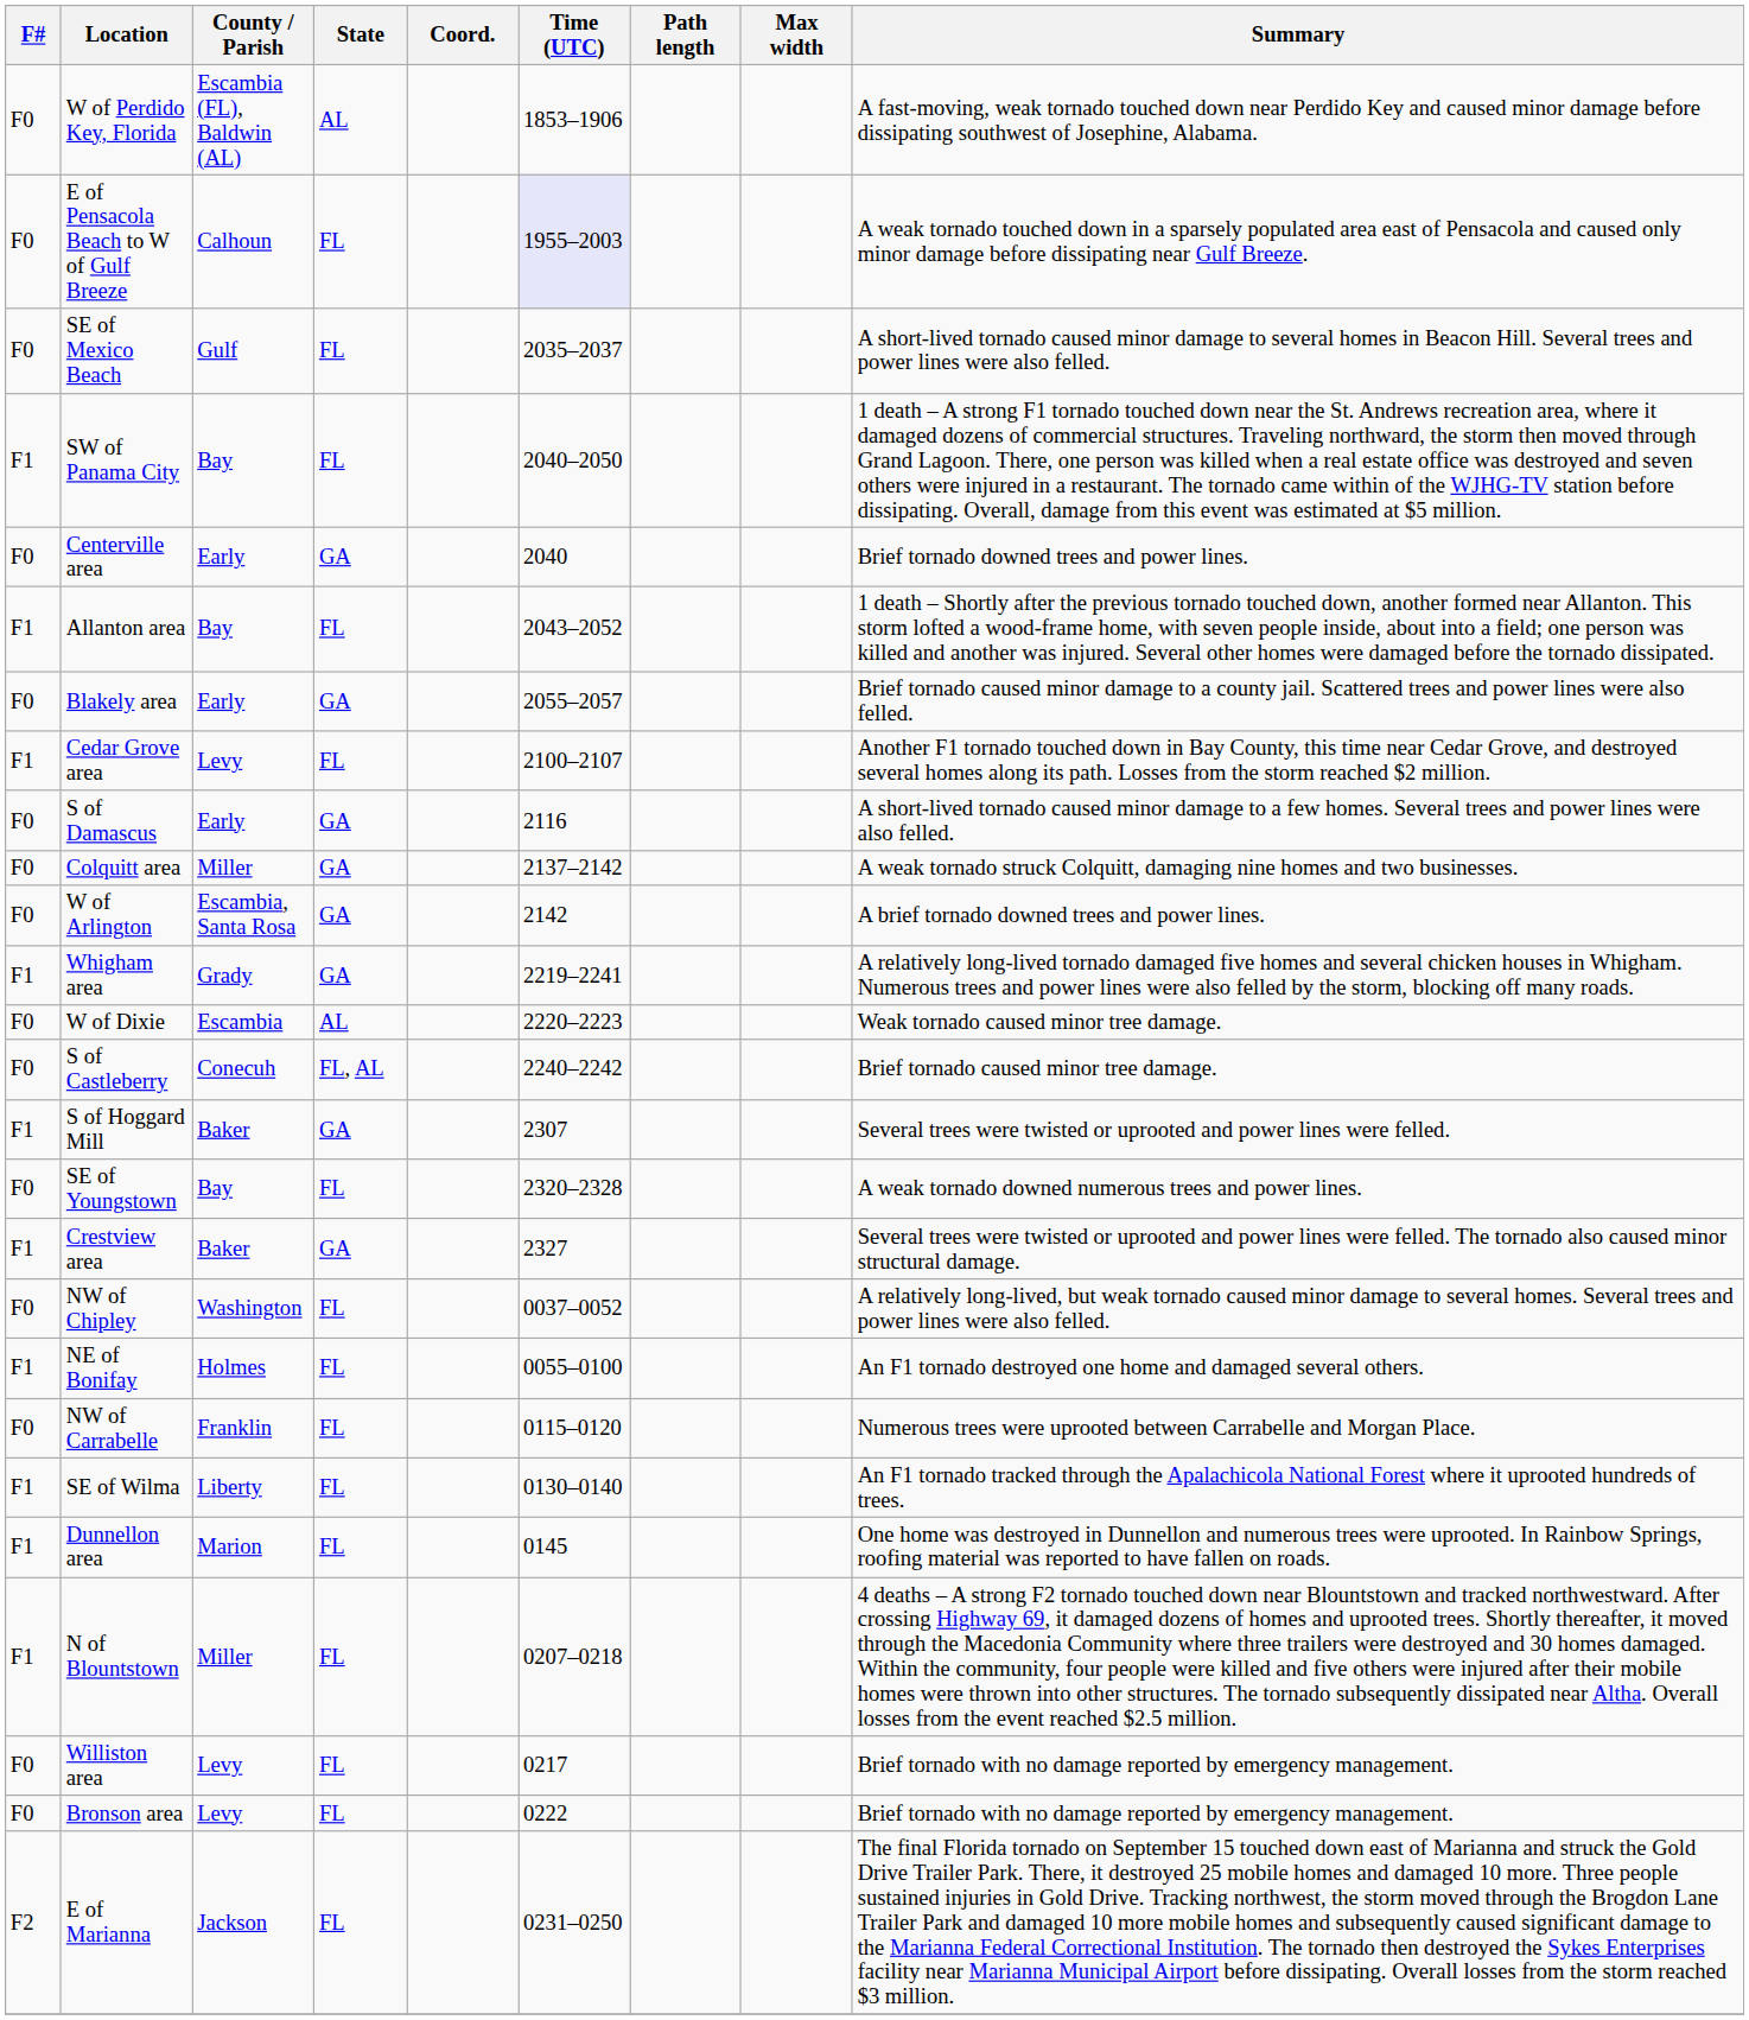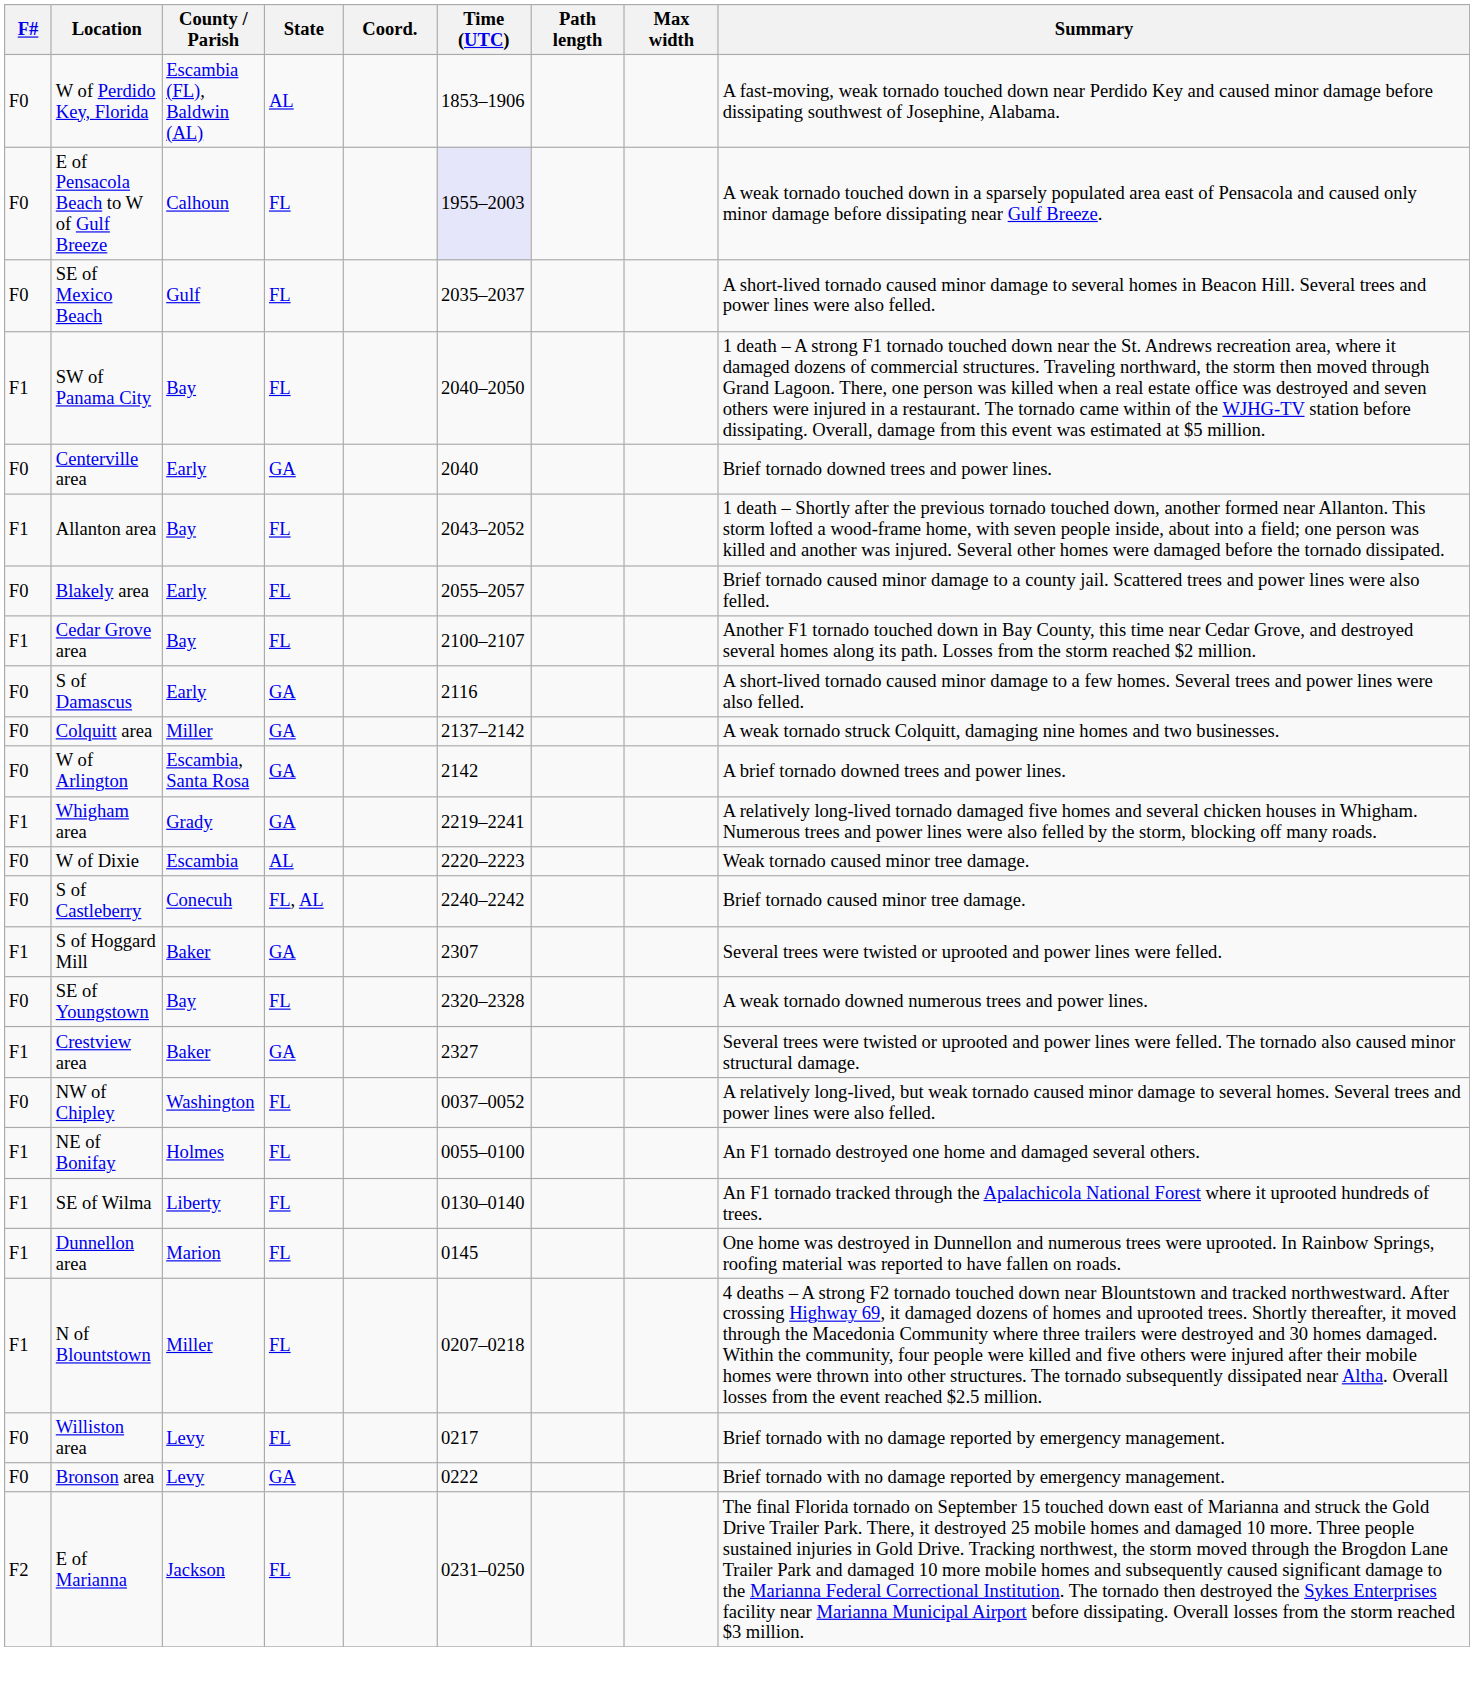 <table class="wikitable sortable" style="width:100%;">
 <tr>
 <th scope="col" width="3%" align="center"><a href='#'>F#</a></th>
 <th scope="col" width="7%" align="center" class="unsortable">Location</th>
 <th scope="col" width="6%" align="center" class="unsortable">County / Parish</th>
 <th scope="col" width="5%" align="center">State</th>
 <th scope="col" width="6%" align="center">Coord.</th>
 <th scope="col" width="6%" align="center">Time (<a href='#'>UTC</a>)</th>
 <th scope="col" width="6%" align="center">Path length</th>
 <th scope="col" width="6%" align="center">Max width</th>
 <th scope="col" width="48%" class="unsortable" align="center">Summary</th>
 </tr>
 <tr>
 <td>F0</td>
 <td>W of <a href='#'>Perdido Key, Florida</a></td>
 <td><a href='#'>Escambia (FL)</a>, <a href='#'>Baldwin (AL)</a></td>
 <td><a href='#'>AL</a></td>
 <td></td>
 <td>1853–1906</td>
 <td></td>
 <td></td>
 <td>A fast-moving, weak tornado touched down near Perdido Key and caused minor damage before dissipating southwest of Josephine, Alabama.</td>
 </tr>
 <tr>
 <td>F0</td>
 <td>E of <a href='#'>Pensacola Beach</a> to W of <a href='#'>Gulf Breeze</a></td>
 <td><a href='#'>Calhoun</a></td>
 <td><a href='#'>FL</a></td>
 <td></td>
 <td style="background: lavender;">1955–2003</td>
 <td></td>
 <td></td>
 <td>A weak tornado touched down in a sparsely populated area east of Pensacola and caused only minor damage before dissipating near <a href='#'>Gulf Breeze</a>.</td>
 </tr>
 <tr>
 <td>F0</td>
 <td>SE of <a href='#'>Mexico Beach</a></td>
 <td><a href='#'>Gulf</a></td>
 <td><a href='#'>FL</a></td>
 <td></td>
 <td>2035–2037</td>
 <td></td>
 <td></td>
 <td>A short-lived tornado caused minor damage to several homes in Beacon Hill. Several trees and power lines were also felled.</td>
 </tr>
 <tr>
 <td>F1</td>
 <td>SW of <a href='#'>Panama City</a></td>
 <td><a href='#'>Bay</a></td>
 <td><a href='#'>FL</a></td>
 <td></td>
 <td>2040–2050</td>
 <td></td>
 <td></td>
 <td>1 death – A strong F1 tornado touched down near the St. Andrews recreation area, where it damaged dozens of commercial structures. Traveling northward, the storm then moved through Grand Lagoon. There, one person was killed when a real estate office was destroyed and seven others were injured in a restaurant. The tornado came within  of the <a href='#'>WJHG-TV</a> station before dissipating. Overall, damage from this event was estimated at $5 million.</td>
 </tr>
 <tr>
 <td>F0</td>
 <td><a href='#'>Centerville</a> area</td>
 <td><a href='#'>Early</a></td>
 <td><a href='#'>GA</a></td>
 <td></td>
 <td>2040</td>
 <td></td>
 <td></td>
 <td>Brief tornado downed trees and power lines.</td>
 </tr>
 <tr>
 <td>F1</td>
 <td>Allanton area</td>
 <td><a href='#'>Bay</a></td>
 <td><a href='#'>FL</a></td>
 <td></td>
 <td>2043–2052</td>
 <td></td>
 <td></td>
 <td>1 death – Shortly after the previous tornado touched down, another formed near Allanton. This storm lofted a wood-frame home, with seven people inside, about  into a field; one person was killed and another was injured. Several other homes were damaged before the tornado dissipated.</td>
 </tr>
 <tr>
 <td>F0</td>
 <td><a href='#'>Blakely</a> area</td>
 <td><a href='#'>Early</a></td>
-<td><a href='#'>GA</a></td>
+<td><a href='#'>FL</a></td>
 <td></td>
 <td>2055–2057</td>
 <td></td>
 <td></td>
 <td>Brief tornado caused minor damage to a county jail. Scattered trees and power lines were also felled.</td>
 </tr>
 <tr>
 <td>F1</td>
 <td><a href='#'>Cedar Grove</a> area</td>
-<td><a href='#'>Levy</a></td>
+<td><a href='#'>Bay</a></td>
 <td><a href='#'>FL</a></td>
 <td></td>
 <td>2100–2107</td>
 <td></td>
 <td></td>
 <td>Another F1 tornado touched down in Bay County, this time near Cedar Grove, and destroyed several homes along its path. Losses from the storm reached $2 million.</td>
 </tr>
 <tr>
 <td>F0</td>
 <td>S of <a href='#'>Damascus</a></td>
 <td><a href='#'>Early</a></td>
 <td><a href='#'>GA</a></td>
 <td></td>
 <td>2116</td>
 <td></td>
 <td></td>
 <td>A short-lived tornado caused minor damage to a few homes. Several trees and power lines were also felled.</td>
 </tr>
 <tr>
 <td>F0</td>
 <td><a href='#'>Colquitt</a> area</td>
 <td><a href='#'>Miller</a></td>
 <td><a href='#'>GA</a></td>
 <td></td>
 <td>2137–2142</td>
 <td></td>
 <td></td>
 <td>A weak tornado struck Colquitt, damaging nine homes and two businesses.</td>
 </tr>
 <tr>
 <td>F0</td>
 <td>W of <a href='#'>Arlington</a></td>
 <td><a href='#'>Escambia</a>, <a href='#'>Santa Rosa</a></td>
 <td><a href='#'>GA</a></td>
 <td></td>
 <td>2142</td>
 <td></td>
 <td></td>
 <td>A brief tornado downed trees and power lines.</td>
 </tr>
 <tr>
 <td>F1</td>
 <td><a href='#'>Whigham</a> area</td>
 <td><a href='#'>Grady</a></td>
 <td><a href='#'>GA</a></td>
 <td></td>
 <td>2219–2241</td>
 <td></td>
 <td></td>
 <td>A relatively long-lived tornado damaged five homes and several chicken houses in Whigham. Numerous trees and power lines were also felled by the storm, blocking off many roads.</td>
 </tr>
 <tr>
 <td>F0</td>
 <td>W of Dixie</td>
 <td><a href='#'>Escambia</a></td>
 <td><a href='#'>AL</a></td>
 <td></td>
 <td>2220–2223</td>
 <td></td>
 <td></td>
 <td>Weak tornado caused minor tree damage.</td>
 </tr>
 <tr>
 <td>F0</td>
 <td>S of <a href='#'>Castleberry</a></td>
 <td><a href='#'>Conecuh</a></td>
 <td><a href='#'>FL</a>, <a href='#'>AL</a></td>
 <td></td>
 <td>2240–2242</td>
 <td></td>
 <td></td>
 <td>Brief tornado caused minor tree damage.</td>
 </tr>
 <tr>
 <td>F1</td>
 <td>S of Hoggard Mill</td>
 <td><a href='#'>Baker</a></td>
 <td><a href='#'>GA</a></td>
 <td></td>
 <td>2307</td>
 <td></td>
 <td></td>
 <td>Several trees were twisted or uprooted and power lines were felled.</td>
 </tr>
 <tr>
 <td>F0</td>
 <td>SE of <a href='#'>Youngstown</a></td>
 <td><a href='#'>Bay</a></td>
 <td><a href='#'>FL</a></td>
 <td></td>
 <td>2320–2328</td>
 <td></td>
 <td></td>
 <td>A weak tornado downed numerous trees and power lines.</td>
 </tr>
 <tr>
 <td>F1</td>
 <td><a href='#'>Crestview</a> area</td>
 <td><a href='#'>Baker</a></td>
 <td><a href='#'>GA</a></td>
 <td></td>
 <td>2327</td>
 <td></td>
 <td></td>
 <td>Several trees were twisted or uprooted and power lines were felled. The tornado also caused minor structural damage.</td>
 </tr>
 <tr>
 <td>F0</td>
 <td>NW of <a href='#'>Chipley</a></td>
 <td><a href='#'>Washington</a></td>
 <td><a href='#'>FL</a></td>
 <td></td>
 <td>0037–0052</td>
 <td></td>
 <td></td>
 <td>A relatively long-lived, but weak tornado caused minor damage to several homes. Several trees and power lines were also felled.</td>
 </tr>
 <tr>
 <td>F1</td>
 <td>NE of <a href='#'>Bonifay</a></td>
 <td><a href='#'>Holmes</a></td>
 <td><a href='#'>FL</a></td>
 <td></td>
 <td>0055–0100</td>
 <td></td>
 <td></td>
 <td>An F1 tornado destroyed one home and damaged several others.</td>
 </tr>
 <tr>
-<td>F0</td>
-<td>NW of <a href='#'>Carrabelle</a></td>
-<td><a href='#'>Franklin</a></td>
-<td><a href='#'>FL</a></td>
-<td></td>
-<td>0115–0120</td>
-<td></td>
-<td></td>
-<td>Numerous trees were uprooted between Carrabelle and Morgan Place.</td>
-</tr>
-<tr>
 <td>F1</td>
 <td>SE of Wilma</td>
 <td><a href='#'>Liberty</a></td>
 <td><a href='#'>FL</a></td>
 <td></td>
 <td>0130–0140</td>
 <td></td>
 <td></td>
 <td>An F1 tornado tracked through the <a href='#'>Apalachicola National Forest</a> where it uprooted hundreds of trees.</td>
 </tr>
 <tr>
 <td>F1</td>
 <td><a href='#'>Dunnellon</a> area</td>
 <td><a href='#'>Marion</a></td>
 <td><a href='#'>FL</a></td>
 <td></td>
 <td>0145</td>
 <td></td>
 <td></td>
 <td>One home was destroyed in Dunnellon and numerous trees were uprooted. In Rainbow Springs, roofing material was reported to have fallen on roads.</td>
 </tr>
 <tr>
 <td>F1</td>
 <td>N of <a href='#'>Blountstown</a></td>
 <td><a href='#'>Miller</a></td>
 <td><a href='#'>FL</a></td>
 <td></td>
 <td>0207–0218</td>
 <td></td>
 <td></td>
 <td>4 deaths – A strong F2 tornado touched down near Blountstown and tracked northwestward. After crossing <a href='#'>Highway 69</a>, it damaged dozens of homes and uprooted trees. Shortly thereafter, it moved through the Macedonia Community where three trailers were destroyed and 30 homes damaged. Within the community, four people were killed and five others were injured after their mobile homes were thrown into other structures. The tornado subsequently dissipated near <a href='#'>Altha</a>. Overall losses from the event reached $2.5 million.</td>
 </tr>
 <tr>
 <td>F0</td>
 <td><a href='#'>Williston</a> area</td>
 <td><a href='#'>Levy</a></td>
 <td><a href='#'>FL</a></td>
 <td></td>
 <td>0217</td>
 <td></td>
 <td></td>
 <td>Brief tornado with no damage reported by emergency management.</td>
 </tr>
 <tr>
 <td>F0</td>
 <td><a href='#'>Bronson</a> area</td>
 <td><a href='#'>Levy</a></td>
-<td><a href='#'>FL</a></td>
+<td><a href='#'>GA</a></td>
 <td></td>
 <td>0222</td>
 <td></td>
 <td></td>
 <td>Brief tornado with no damage reported by emergency management.</td>
 </tr>
 <tr>
 <td>F2</td>
 <td>E of <a href='#'>Marianna</a></td>
 <td><a href='#'>Jackson</a></td>
 <td><a href='#'>FL</a></td>
 <td></td>
 <td>0231–0250</td>
 <td></td>
 <td></td>
 <td>The final Florida tornado on September 15 touched down east of Marianna and struck the Gold Drive Trailer Park. There, it destroyed 25 mobile homes and damaged 10 more. Three people sustained injuries in Gold Drive. Tracking northwest, the storm moved through the Brogdon Lane Trailer Park and damaged 10 more mobile homes and subsequently caused significant damage to the <a href='#'>Marianna Federal Correctional Institution</a>. The tornado then destroyed the <a href='#'>Sykes Enterprises</a> facility near <a href='#'>Marianna Municipal Airport</a> before dissipating. Overall losses from the storm reached $3 million.</td>
 </tr>
 <tr>
 </tr>
 </table>
